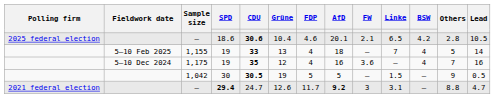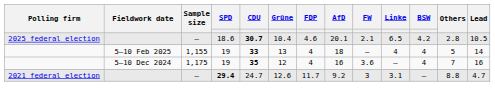 <table class="wikitable sortable mw-datatable mw-collapsible" style="text-align:center;font-size:90%;line-height:14px;">
 <tr style="height:40px;">
 <th style="width:155px;" rowspan="2">Polling firm</th>
 <th style="width:120px;" rowspan="2">Fieldwork date</th>
 <th style="width: 35px;" rowspan="2">Sample<br>size</th>
 <th class="unsortable" style="width:40px;"><a href='#'>SPD</a></th>
 <th class="unsortable" style="width:40px;"><a href='#'>CDU</a></th>
 <th class="unsortable" style="width:40px;"><a href='#'>Grüne</a></th>
 <th class="unsortable" style="width:40px;"><a href='#'>FDP</a></th>
 <th class="unsortable" style="width:40px;"><a href='#'>AfD</a></th>
 <th class="unsortable" style="width:40px;"><a href='#'>FW</a></th>
 <th class="unsortable" style="width:40px;"><a href='#'>Linke</a></th>
 <th class="unsortable" style="width:40px;"><a href='#'>BSW</a></th>
 <th class="unsortable" style="width:30px;" rowspan="2">Others</th>
 <th style="width:30px;" rowspan="2">Lead</th>
 </tr>
 <tr>
 <th style="background:"></th>
 <th style="background:"></th>
 <th style="background:"></th>
 <th style="background:"></th>
 <th style="background:"></th>
 <th style="background:"></th>
 <th style="background:"></th>
 <th style="background:"></th>
 </tr>
 <tr style="background:#E9E9E9;">
 <td><a href='#'>2025 federal election</a></td>
 <td></td>
 <td>–</td>
 <td>18.6</td>
-<td><strong>30.6</strong></td>
+<td><strong>30.7</strong></td>
 <td>10.4</td>
 <td>4.6</td>
 <td>20.1</td>
 <td>2.1</td>
 <td>6.5</td>
 <td>4.2</td>
 <td>2.8</td>
 <td style="background:">10.5</td>
 </tr>
 <tr>
 <td></td>
 <td>5–10 Feb 2025</td>
 <td>1,155</td>
 <td>19</td>
 <td><strong>33</strong></td>
 <td>13</td>
 <td>4</td>
 <td>18</td>
 <td>–</td>
-<td>7</td>
+<td>4</td>
 <td>4</td>
 <td>5</td>
 <td style="background:">14</td>
 </tr>
 <tr>
 <td></td>
 <td>5–10 Dec 2024</td>
 <td>1,175</td>
 <td>19</td>
 <td><strong>35</strong></td>
 <td>12</td>
 <td>4</td>
 <td>16</td>
 <td>3.6</td>
 <td>–</td>
 <td>4</td>
 <td>7</td>
 <td style="background:">16</td>
 </tr>
-<tr>
-<td></td>
-<td></td>
-<td>1,042</td>
-<td>30</td>
-<td><strong>30.5</strong></td>
-<td>19</td>
-<td>5</td>
-<td>5</td>
-<td>–</td>
-<td>1.5</td>
-<td>–</td>
-<td>9</td>
-<td style="background:">0.5</td>
-</tr>
 <tr style="background:#E9E9E9;">
 <td><a href='#'>2021 federal election</a></td>
 <td></td>
 <td>–</td>
 <td><strong>29.4</strong></td>
 <td>24.7</td>
 <td>12.6</td>
 <td>11.7</td>
-<td><strong>9.2</strong></td>
+<td>9.2</td>
 <td>3</td>
 <td>3.1</td>
 <td>–</td>
 <td>8.8</td>
 <td style="background:">4.7</td>
 </tr>
 </table>
